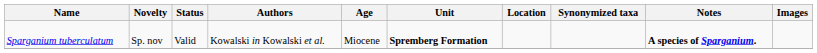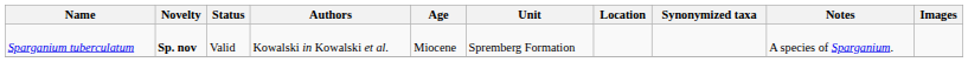 <table class="wikitable sortable" align="center" width="100%">
 <tr>
 <th>Name</th>
 <th>Novelty</th>
 <th>Status</th>
 <th>Authors</th>
 <th>Age</th>
 <th>Unit</th>
 <th>Location</th>
 <th>Synonymized taxa</th>
 <th>Notes</th>
 <th>Images</th>
 </tr>
 <tr>
 <td><br><em><a href='#'>Sparganium tuberculatum</a></em></td>
-<td><br>Sp. nov</td>
+<td><strong><br>Sp. nov</strong></td>
 <td><br>Valid</td>
 <td><br>Kowalski <em>in</em> Kowalski <em>et al.</em></td>
 <td><br>Miocene</td>
-<td><strong><br>Spremberg Formation</strong></td>
+<td><br>Spremberg Formation</td>
 <td><br></td>
 <td></td>
-<td><strong><br>A species of <em><a href='#'>Sparganium</a></em>.</strong></td>
+<td><br>A species of <em><a href='#'>Sparganium</a></em>.</td>
 <td></td>
 </tr>
 <tr>
 </tr>
 </table>
